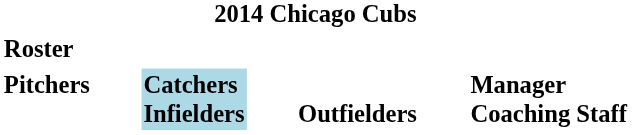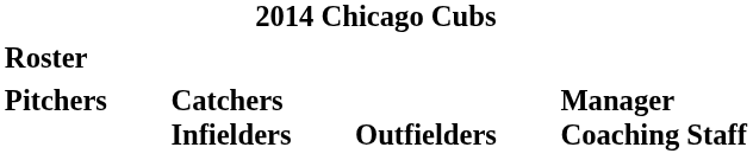 <table class="toccolours" style="font-size: 95%;">
 <tr>
 <th colspan="10">2014 Chicago Cubs</th>
 </tr>
 <tr>
 <td colspan="10"><strong>Roster</strong></td>
 </tr>
 <tr>
 <td valign="top"><strong>Pitchers</strong><br>                         </td>
 <td width="25px"></td>
-<td valign="top" style="background: lightblue;"><strong>Catchers</strong><br>    <strong>Infielders</strong>        </td>
+<td valign="top"><strong>Catchers</strong><br>    <strong>Infielders</strong>        </td>
 <td width="25px"></td>
 <td valign="top"><br><strong>Outfielders</strong>          </td>
 <td width="25px"></td>
 <td valign="top"><strong>Manager</strong><br> <strong>Coaching Staff</strong>                    </td>
 </tr>
 </table>
